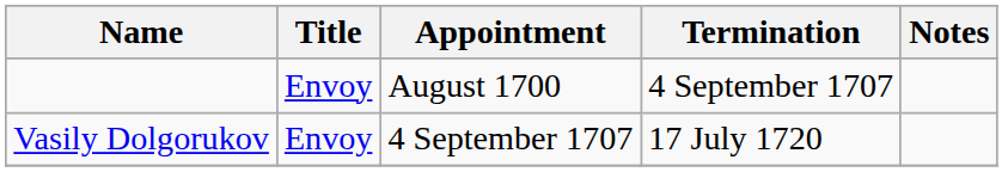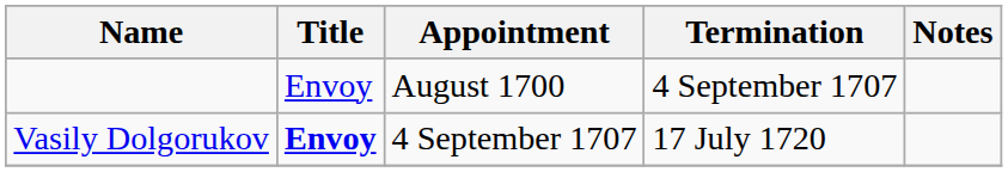 <table class="wikitable">
 <tr valign="middle">
 <th>Name</th>
 <th>Title</th>
 <th>Appointment</th>
 <th>Termination</th>
 <th>Notes</th>
 </tr>
 <tr>
 <td></td>
 <td><a href='#'>Envoy</a></td>
 <td>August 1700</td>
 <td>4 September 1707</td>
 <td></td>
 </tr>
 <tr>
 <td><a href='#'>Vasily Dolgorukov</a></td>
-<td><a href='#'>Envoy</a></td>
+<td><strong><a href='#'>Envoy</a></strong></td>
 <td>4 September 1707</td>
 <td>17 July 1720</td>
 <td></td>
 </tr>
 <tr>
 </tr>
 </table>
